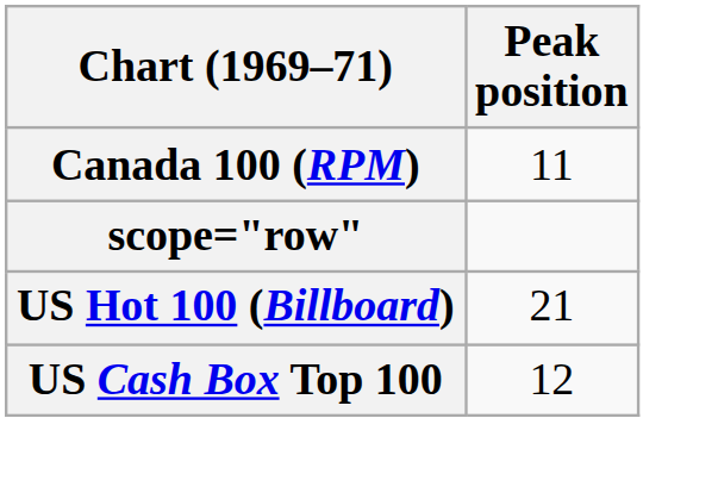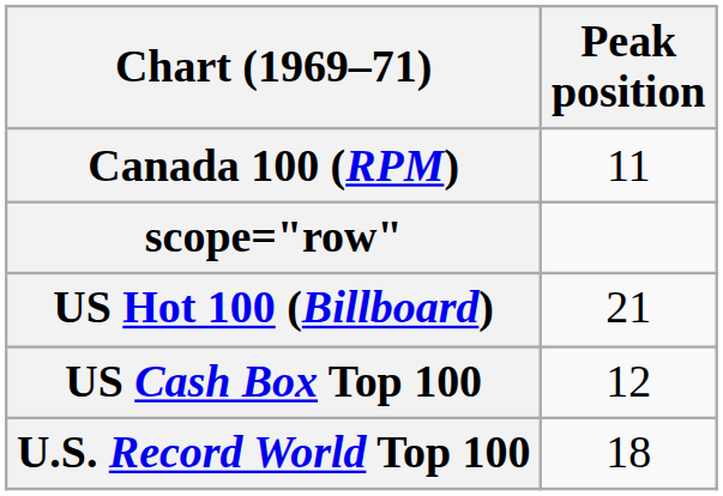 <table class="wikitable sortable plainrowheaders" style="text-align:center;">
 <tr>
 <th scope="col">Chart (1969–71)</th>
 <th scope="col">Peak<br>position</th>
 </tr>
 <tr>
 <th scope="row">Canada 100 (<em><a href='#'>RPM</a></em>)</th>
 <td align="center">11</td>
 </tr>
 <tr>
 <th>scope="row"</th>
 </tr>
 <tr>
 <th scope="row">US <a href='#'>Hot 100</a> (<em><a href='#'>Billboard</a></em>)</th>
 <td align="center">21</td>
 </tr>
 <tr>
 <th scope="row">US <a href='#'><em>Cash Box</em></a> Top 100</th>
 <td align="center">12</td>
 </tr>
+<tr>
+<th scope="row">U.S. <em><a href='#'>Record World</a></em> Top 100</th>
+<td align="center">18</td>
+</tr>
 </table>
